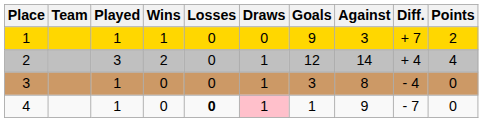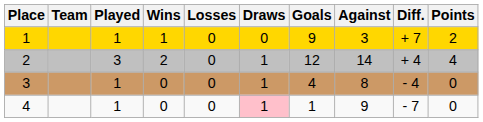 <table class=wikitable>
 <tr>
 <th>Place</th>
 <th>Team</th>
 <th>Played</th>
 <th>Wins</th>
 <th>Losses</th>
 <th>Draws</th>
 <th>Goals</th>
 <th>Against</th>
 <th>Diff.</th>
 <th>Points</th>
 </tr>
 <tr align=center bgcolor=gold>
 <td>1</td>
 <td align=left></td>
 <td>1</td>
 <td>1</td>
 <td>0</td>
 <td>0</td>
 <td>9</td>
 <td>3</td>
 <td>+ 7</td>
 <td>2</td>
 </tr>
 <tr align=center bgcolor=silver>
 <td>2</td>
 <td align=left></td>
 <td>3</td>
 <td>2</td>
 <td>0</td>
 <td>1</td>
 <td>12</td>
 <td>14</td>
 <td>+ 4</td>
 <td>4</td>
 </tr>
 <tr align=center bgcolor=cc9966>
 <td>3</td>
 <td align=left></td>
 <td>1</td>
 <td>0</td>
 <td>0</td>
 <td>1</td>
-<td>3</td>
+<td>4</td>
 <td>8</td>
 <td>- 4</td>
 <td>0</td>
 </tr>
 <tr align=center>
 <td>4</td>
 <td align=left></td>
 <td>1</td>
 <td>0</td>
-<td><strong>0</strong></td>
+<td>0</td>
 <td style="background: pink;">1</td>
 <td>1</td>
 <td>9</td>
 <td>- 7</td>
 <td>0</td>
 </tr>
 </table>
